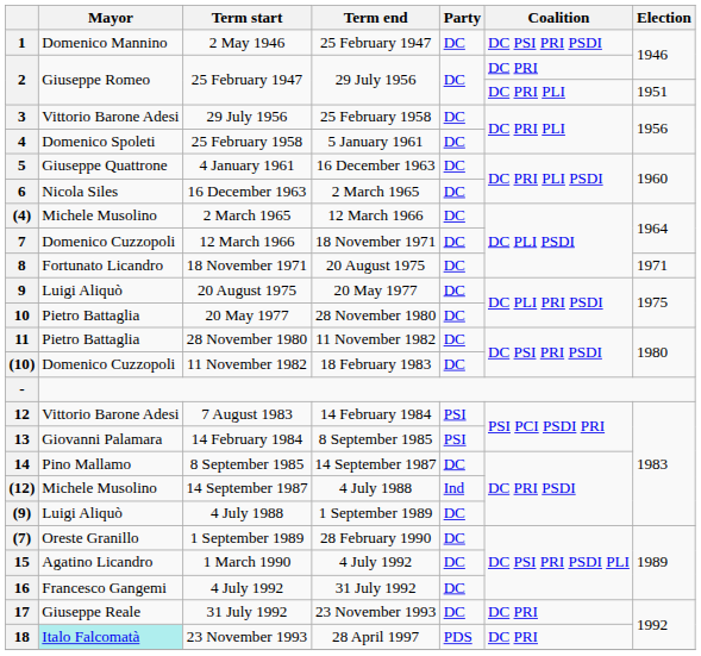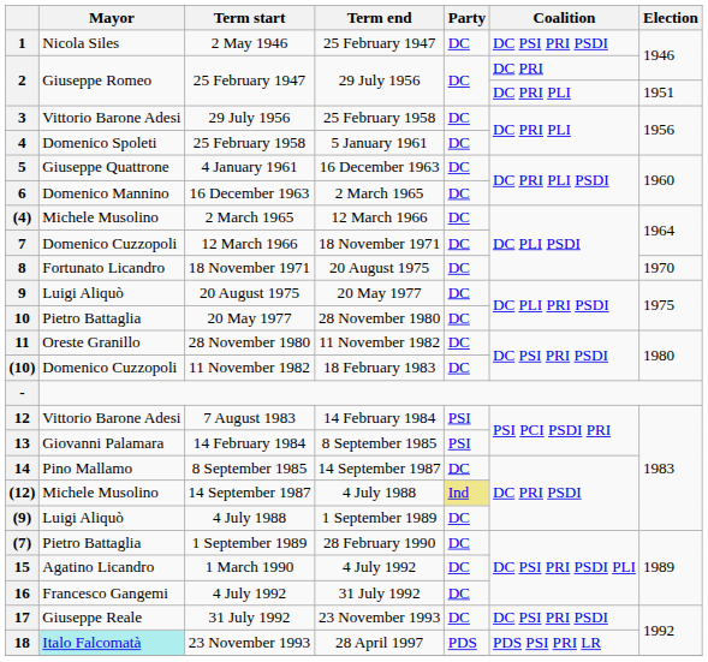 <table class="wikitable">
 <tr>
 <th class=unsortable> </th>
 <th>Mayor</th>
 <th>Term start</th>
 <th>Term end</th>
 <th>Party</th>
 <th>Coalition</th>
 <th>Election</th>
 </tr>
 <tr>
 <th style="background:">1</th>
-<td>Domenico Mannino</td>
+<td>Nicola Siles</td>
 <td align=center>2 May 1946</td>
 <td align=center>25 February 1947</td>
 <td><a href='#'>DC</a></td>
 <td><a href='#'>DC</a>  <a href='#'>PSI</a>  <a href='#'>PRI</a>  <a href='#'>PSDI</a></td>
 <td rowspan=2>1946</td>
 </tr>
 <tr>
 <th rowspan=2 style="background:">2</th>
 <td rowspan=2>Giuseppe Romeo</td>
 <td rowspan=2 align=center>25 February 1947</td>
 <td rowspan=2 align=center>29 July 1956</td>
 <td rowspan=2><a href='#'>DC</a></td>
 <td><a href='#'>DC</a>  <a href='#'>PRI</a></td>
 </tr>
 <tr>
 <td><a href='#'>DC</a>  <a href='#'>PRI</a>  <a href='#'>PLI</a></td>
 <td>1951</td>
 </tr>
 <tr>
 <th style="background:">3</th>
 <td>Vittorio Barone Adesi</td>
 <td align=center>29 July 1956</td>
 <td align=center>25 February 1958</td>
 <td><a href='#'>DC</a></td>
 <td rowspan=2><a href='#'>DC</a>  <a href='#'>PRI</a>  <a href='#'>PLI</a></td>
 <td rowspan=2>1956</td>
 </tr>
 <tr>
 <th style="background:">4</th>
 <td>Domenico Spoleti</td>
 <td align=center>25 February 1958</td>
 <td align=center>5 January 1961</td>
 <td><a href='#'>DC</a></td>
 </tr>
 <tr>
 <th style="background:">5</th>
 <td>Giuseppe Quattrone</td>
 <td align=center>4 January 1961</td>
 <td align=center>16 December 1963</td>
 <td><a href='#'>DC</a></td>
 <td rowspan=2><a href='#'>DC</a>  <a href='#'>PRI</a>  <a href='#'>PLI</a>  <a href='#'>PSDI</a></td>
 <td rowspan=2>1960</td>
 </tr>
 <tr>
 <th style="background:">6</th>
-<td>Nicola Siles</td>
+<td>Domenico Mannino</td>
 <td align=center>16 December 1963</td>
 <td align=center>2 March 1965</td>
 <td><a href='#'>DC</a></td>
 </tr>
 <tr>
 <th style="background:">(4)</th>
 <td>Michele Musolino</td>
 <td align=center>2 March 1965</td>
 <td align=center>12 March 1966</td>
 <td><a href='#'>DC</a></td>
 <td rowspan=3><a href='#'>DC</a>  <a href='#'>PLI</a>  <a href='#'>PSDI</a></td>
 <td rowspan=2>1964</td>
 </tr>
 <tr>
 <th style="background:">7</th>
 <td>Domenico Cuzzopoli</td>
 <td align=center>12 March 1966</td>
 <td align=center>18 November 1971</td>
 <td><a href='#'>DC</a></td>
 </tr>
 <tr>
 <th style="background:">8</th>
 <td>Fortunato Licandro</td>
 <td align=center>18 November 1971</td>
 <td align=center>20 August 1975</td>
 <td><a href='#'>DC</a></td>
-<td>1971</td>
+<td>1970</td>
 </tr>
 <tr>
 <th style="background:">9</th>
 <td>Luigi Aliquò</td>
 <td align=center>20 August 1975</td>
 <td align=center>20 May 1977</td>
 <td><a href='#'>DC</a></td>
 <td rowspan=2><a href='#'>DC</a>  <a href='#'>PLI</a>  <a href='#'>PRI</a>  <a href='#'>PSDI</a></td>
 <td rowspan=2>1975</td>
 </tr>
 <tr>
 <th style="background:">10</th>
 <td>Pietro Battaglia</td>
 <td align=center>20 May 1977</td>
 <td align=center>28 November 1980</td>
 <td><a href='#'>DC</a></td>
 </tr>
 <tr>
 <th style="background:">11</th>
-<td>Pietro Battaglia</td>
+<td>Oreste Granillo</td>
 <td align=center>28 November 1980</td>
 <td align=center>11 November 1982</td>
 <td><a href='#'>DC</a></td>
 <td rowspan=2><a href='#'>DC</a>  <a href='#'>PSI</a>  <a href='#'>PRI</a>  <a href='#'>PSDI</a></td>
 <td rowspan=2>1980</td>
 </tr>
 <tr>
 <th style="background:">(10)</th>
 <td>Domenico Cuzzopoli</td>
 <td align=center>11 November 1982</td>
 <td align=center>18 February 1983</td>
 <td><a href='#'>DC</a></td>
 </tr>
 <tr>
 <th style="background:; color:black">-</th>
 <td colspan="6"></td>
 </tr>
 <tr>
 <th style="background:">12</th>
 <td>Vittorio Barone Adesi</td>
 <td align=center>7 August 1983</td>
 <td align=center>14 February 1984</td>
 <td><a href='#'>PSI</a></td>
 <td rowspan=2><a href='#'>PSI</a>  <a href='#'>PCI</a>  <a href='#'>PSDI</a>  <a href='#'>PRI</a></td>
 <td rowspan=5>1983</td>
 </tr>
 <tr>
 <th style="background:">13</th>
 <td>Giovanni Palamara</td>
 <td align=center>14 February 1984</td>
 <td align=center>8 September 1985</td>
 <td><a href='#'>PSI</a></td>
 </tr>
 <tr>
 <th style="background:">14</th>
 <td>Pino Mallamo</td>
 <td align=center>8 September 1985</td>
 <td align=center>14 September 1987</td>
 <td><a href='#'>DC</a></td>
 <td rowspan=3><a href='#'>DC</a>  <a href='#'>PRI</a>  <a href='#'>PSDI</a></td>
 </tr>
 <tr>
 <th style="background: ; color:black">(12)</th>
 <td>Michele Musolino</td>
 <td align=center>14 September 1987</td>
 <td align=center>4 July 1988</td>
-<td><a href='#'>Ind</a></td>
+<td style="background: khaki;"><a href='#'>Ind</a></td>
 </tr>
 <tr>
 <th style="background:">(9)</th>
 <td>Luigi Aliquò</td>
 <td align=center>4 July 1988</td>
 <td align=center>1 September 1989</td>
 <td><a href='#'>DC</a></td>
 </tr>
 <tr>
 <th style="background:">(7)</th>
-<td>Oreste Granillo</td>
+<td>Pietro Battaglia</td>
 <td align=center>1 September 1989</td>
 <td align=center>28 February 1990</td>
 <td><a href='#'>DC</a></td>
 <td rowspan=3><a href='#'>DC</a>  <a href='#'>PSI</a>  <a href='#'>PRI</a>  <a href='#'>PSDI</a>  <a href='#'>PLI</a></td>
 <td rowspan=3>1989</td>
 </tr>
 <tr>
 <th style="background:">15</th>
 <td>Agatino Licandro</td>
 <td align=center>1 March 1990</td>
 <td align=center>4 July 1992</td>
 <td><a href='#'>DC</a></td>
 </tr>
 <tr>
 <th style="background:">16</th>
 <td>Francesco Gangemi</td>
 <td align=center>4 July 1992</td>
 <td align=center>31 July 1992</td>
 <td><a href='#'>DC</a></td>
 </tr>
 <tr>
 <th style="background:">17</th>
 <td>Giuseppe Reale</td>
 <td align=center>31 July 1992</td>
 <td align=center>23 November 1993</td>
 <td><a href='#'>DC</a></td>
-<td><a href='#'>DC</a>  <a href='#'>PRI</a></td>
+<td><a href='#'>DC</a>  <a href='#'>PSI</a>  <a href='#'>PRI</a>  <a href='#'>PSDI</a></td>
 <td rowspan=2>1992</td>
 </tr>
 <tr>
 <th style="background:">18</th>
 <td style="background: paleturquoise;"><a href='#'>Italo Falcomatà</a></td>
 <td align=center>23 November 1993</td>
 <td align=center>28 April 1997</td>
 <td><a href='#'>PDS</a></td>
-<td><a href='#'>DC</a>  <a href='#'>PRI</a></td>
+<td><a href='#'>PDS</a>  <a href='#'>PSI</a>  <a href='#'>PRI</a>  <a href='#'>LR</a></td>
 </tr>
 <tr>
 </tr>
 </table>
